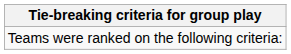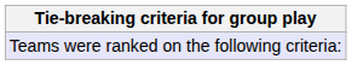 <table class="wikitable collapsible collapsed">
 <tr>
 <th>Tie-breaking criteria for group play</th>
 </tr>
 <tr>
-<td>Teams were ranked on the following criteria:<br></td>
+<td style="background: lavender;">Teams were ranked on the following criteria:<br></td>
 </tr>
 </table>
